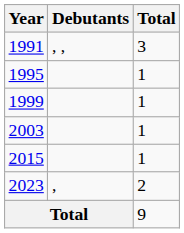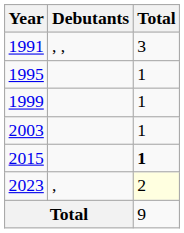 <table class="wikitable" style>
 <tr>
 <th>Year</th>
 <th>Debutants</th>
 <th>Total</th>
 </tr>
 <tr>
 <td><a href='#'>1991</a></td>
 <td>, , </td>
 <td>3</td>
 </tr>
 <tr>
 <td><a href='#'>1995</a></td>
 <td></td>
 <td>1</td>
 </tr>
 <tr>
 <td><a href='#'>1999</a></td>
 <td></td>
 <td>1</td>
 </tr>
 <tr>
 <td><a href='#'>2003</a></td>
 <td></td>
 <td>1</td>
 </tr>
 <tr>
 <td><a href='#'>2015</a></td>
 <td></td>
-<td>1</td>
+<td><strong>1</strong></td>
 </tr>
 <tr>
 <td><a href='#'>2023</a></td>
 <td>, </td>
-<td>2</td>
+<td style="background: lightyellow;">2</td>
 </tr>
 <tr>
 <th colspan=2>Total</th>
 <td>9</td>
 </tr>
 </table>
